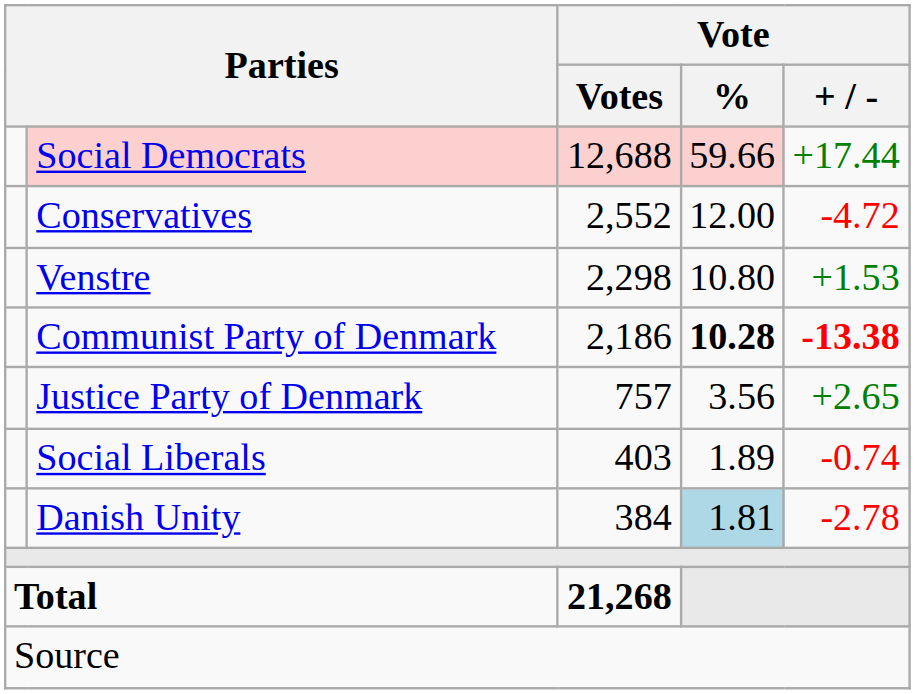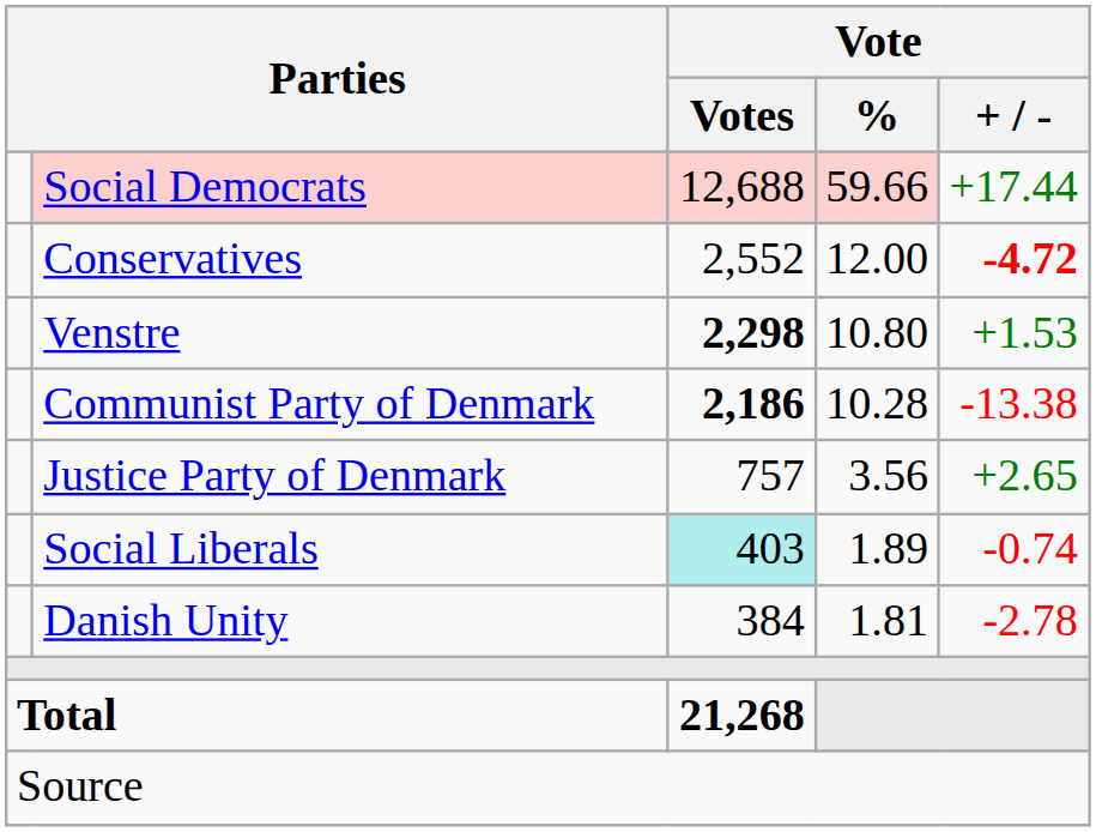 <table class="wikitable" style="text-align:right;">
 <tr>
 <th style="text-align:centre;" rowspan="2" colspan="2" width="225">Parties</th>
 <th colspan="3">Vote</th>
 </tr>
 <tr>
 <th width="15">Votes</th>
 <th width="15">%</th>
 <th width="15">+ / -</th>
 </tr>
 <tr>
 <td width="2" style="color:inherit;background:"></td>
 <td bgcolor=#fbd0ce  align="left"><a href='#'>Social Democrats</a></td>
 <td bgcolor=#fbd0ce>12,688</td>
 <td bgcolor=#fbd0ce>59.66</td>
 <td style=color:green;>+17.44</td>
 </tr>
 <tr>
 <td width="2" style="color:inherit;background:"></td>
 <td align="left"><a href='#'>Conservatives</a></td>
 <td>2,552</td>
 <td>12.00</td>
-<td style=color:red;>-4.72</td>
+<td style=color:red;><strong>-4.72</strong></td>
 </tr>
 <tr>
 <td width="2" style="color:inherit;background:"></td>
 <td align="left"><a href='#'>Venstre</a></td>
-<td>2,298</td>
+<td><strong>2,298</strong></td>
 <td>10.80</td>
 <td style=color:green;>+1.53</td>
 </tr>
 <tr>
 <td width="2" style="color:inherit;background:"></td>
 <td align="left"><a href='#'>Communist Party of Denmark</a></td>
-<td>2,186</td>
-<td><strong>10.28</strong></td>
-<td style=color:red;><strong>-13.38</strong></td>
+<td><strong>2,186</strong></td>
+<td>10.28</td>
+<td style=color:red;>-13.38</td>
 </tr>
 <tr>
 <td width="2" style="color:inherit;background:"></td>
 <td align="left"><a href='#'>Justice Party of Denmark</a></td>
 <td>757</td>
 <td>3.56</td>
 <td style=color:green;>+2.65</td>
 </tr>
 <tr>
 <td width="2" style="color:inherit;background:"></td>
 <td align="left"><a href='#'>Social Liberals</a></td>
-<td>403</td>
+<td style="background: paleturquoise;">403</td>
 <td>1.89</td>
 <td style=color:red;>-0.74</td>
 </tr>
 <tr>
 <td width="2" style="color:inherit;background:"></td>
 <td align="left"><a href='#'>Danish Unity</a></td>
 <td>384</td>
-<td style="background: lightblue;">1.81</td>
+<td>1.81</td>
 <td style=color:red;>-2.78</td>
 </tr>
 <tr>
 <td colspan="7" bgcolor="#E9E9E9"></td>
 </tr>
 <tr>
 <td align="left" colspan="2"><strong>Total</strong></td>
 <td><strong>21,268</strong></td>
 <td bgcolor="#E9E9E9" colspan="2"></td>
 </tr>
 <tr>
 <td align="left" colspan="6">Source</td>
 </tr>
 </table>
